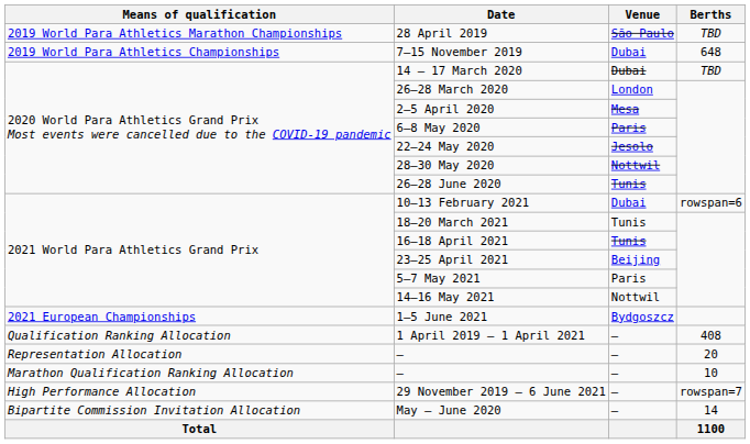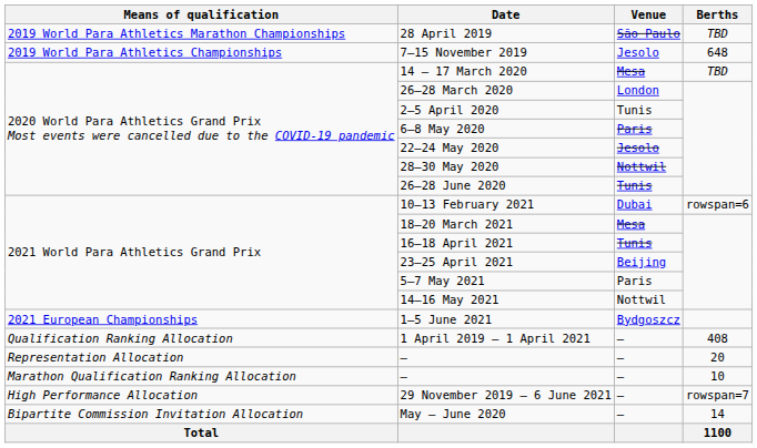 <table class="wikitable">
 <tr>
 <th>Means of qualification</th>
 <th>Date</th>
 <th>Venue</th>
 <th>Berths</th>
 </tr>
 <tr>
 <td><a href='#'>2019 World Para Athletics Marathon Championships</a></td>
 <td>28 April 2019</td>
 <td> <s><a href='#'>São Paulo</a></s></td>
 <td align="center"><em>TBD</em></td>
 </tr>
 <tr>
 <td><a href='#'>2019 World Para Athletics Championships</a></td>
 <td>7–15 November 2019</td>
-<td> <a href='#'>Dubai</a></td>
+<td> <a href='#'>Jesolo</a></td>
 <td align="center">648</td>
 </tr>
 <tr>
 <td rowspan=7>2020 World Para Athletics Grand Prix<br><em>Most events were cancelled due to the <a href='#'>COVID-19 pandemic</a></em></td>
 <td>14 – 17 March 2020</td>
-<td> <s>Dubai</s></td>
+<td> <s><a href='#'>Mesa</a></s></td>
 <td align="center"><em>TBD</em></td>
 </tr>
 <tr>
 <td>26–28 March 2020</td>
 <td> <a href='#'>London</a></td>
 </tr>
 <tr>
 <td>2–5 April 2020</td>
-<td> <s><a href='#'>Mesa</a></s></td>
+<td> Tunis</td>
 </tr>
 <tr>
 <td>6–8 May 2020</td>
 <td> <s><a href='#'>Paris</a></s></td>
 </tr>
 <tr>
 <td>22–24 May 2020</td>
 <td> <s><a href='#'>Jesolo</a></s></td>
 </tr>
 <tr>
 <td>28–30 May 2020</td>
 <td> <s><a href='#'>Nottwil</a></s></td>
 </tr>
 <tr>
 <td>26–28 June 2020</td>
 <td> <s><a href='#'>Tunis</a></s></td>
 </tr>
 <tr>
 <td rowspan=6>2021 World Para Athletics Grand Prix</td>
 <td>10–13 February 2021</td>
 <td> <a href='#'>Dubai</a></td>
 <td>rowspan=6 </td>
 </tr>
 <tr>
 <td>18–20 March 2021</td>
-<td> Tunis</td>
+<td> <s><a href='#'>Mesa</a></s></td>
 </tr>
 <tr>
 <td>16–18 April 2021</td>
 <td> <s><a href='#'>Tunis</a></s></td>
 </tr>
 <tr>
 <td>23–25 April 2021</td>
 <td> <a href='#'>Beijing</a></td>
 </tr>
 <tr>
 <td>5–7 May 2021</td>
 <td> Paris</td>
 </tr>
 <tr>
 <td>14–16 May 2021</td>
 <td> Nottwil</td>
 </tr>
 <tr>
 <td><a href='#'>2021 European Championships</a></td>
 <td>1–5 June 2021</td>
 <td> <a href='#'>Bydgoszcz</a></td>
 <td></td>
 </tr>
 <tr>
 <td><em>Qualification Ranking Allocation</em></td>
 <td>1 April 2019 – 1 April 2021</td>
 <td>—</td>
 <td align="center">408</td>
 </tr>
 <tr>
 <td><em>Representation Allocation</em></td>
 <td>—</td>
 <td>—</td>
 <td align="center">20</td>
 </tr>
 <tr>
 <td><em>Marathon Qualification Ranking Allocation</em></td>
 <td>—</td>
 <td>—</td>
 <td align="center">10</td>
 </tr>
 <tr>
 <td><em>High Performance Allocation</em></td>
 <td>29 November 2019 – 6 June 2021</td>
 <td>—</td>
 <td>rowspan=7 </td>
 </tr>
 <tr>
 <td><em>Bipartite Commission Invitation Allocation</em></td>
 <td>May – June 2020</td>
 <td>—</td>
 <td align="center">14</td>
 </tr>
 <tr>
 <th>Total</th>
 <th></th>
 <th></th>
 <th align="center">1100</th>
 </tr>
 </table>
